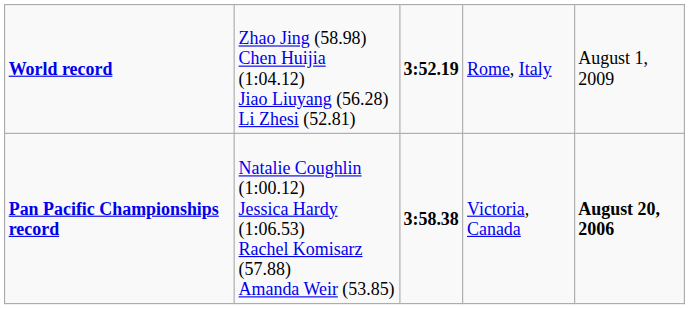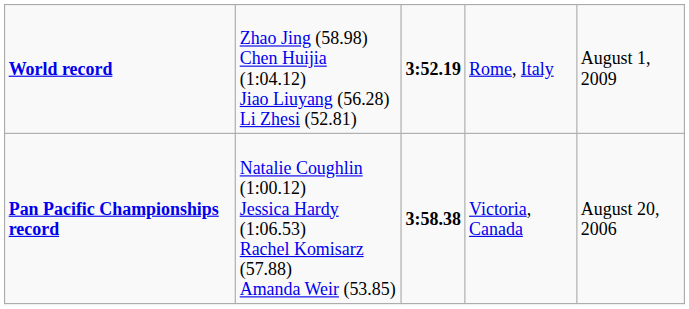 <table class="wikitable">
 <tr>
 <td><strong><a href='#'>World record</a></strong></td>
 <td><br><a href='#'>Zhao Jing</a> (58.98)<br><a href='#'>Chen Huijia</a> (1:04.12)<br><a href='#'>Jiao Liuyang</a> (56.28)<br><a href='#'>Li Zhesi</a> (52.81)</td>
 <td><strong>3:52.19</strong></td>
 <td><a href='#'>Rome</a>, <a href='#'>Italy</a></td>
 <td>August 1, 2009</td>
 </tr>
 <tr>
 <td><strong><a href='#'>Pan Pacific Championships record</a></strong></td>
 <td><br><a href='#'>Natalie Coughlin</a> (1:00.12)<br><a href='#'>Jessica Hardy</a> (1:06.53)<br><a href='#'>Rachel Komisarz</a> (57.88)<br><a href='#'>Amanda Weir</a> (53.85)</td>
 <td><strong>3:58.38</strong></td>
 <td><a href='#'>Victoria</a>, <a href='#'>Canada</a></td>
-<td><strong>August 20, 2006</strong></td>
+<td>August 20, 2006</td>
 </tr>
 </table>
